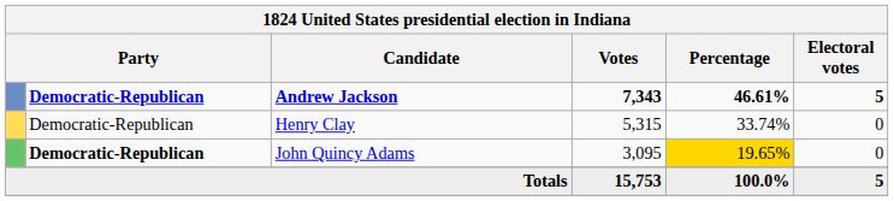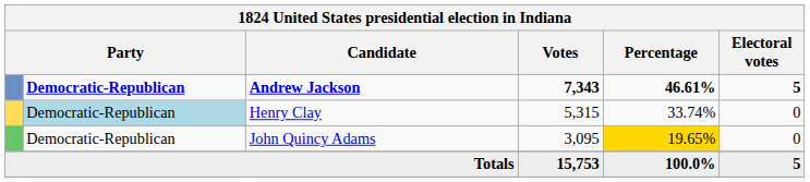 <table class="wikitable" style="font-size: 95%;">
 <tr>
 <th colspan="6">1824 United States presidential election in Indiana</th>
 </tr>
 <tr>
 <th colspan="2" style="width: 15em">Party</th>
 <th style="width: 17em">Candidate</th>
 <th style="width: 5em">Votes</th>
 <th style="width: 7em">Percentage</th>
 <th style="width: 5em">Electoral votes</th>
 </tr>
 <tr>
 <th style="background-color:#698DC5; width: 4px"></th>
 <td style="width: 130px"><strong><a href='#'>Democratic-Republican</a></strong></td>
 <td><strong><a href='#'>Andrew Jackson</a></strong></td>
 <td align="right"><strong>7,343</strong></td>
 <td align="right"><strong>46.61%</strong></td>
 <td align="right"><strong>5</strong></td>
 </tr>
 <tr>
 <th style="background-color:#FFDD55; width: 4px"></th>
-<td style="width: 130px">Democratic-Republican</td>
+<td style="background: lightblue; width: 130px">Democratic-Republican</td>
 <td><a href='#'>Henry Clay</a></td>
 <td align="right">5,315</td>
 <td align="right">33.74%</td>
 <td align="right">0</td>
 </tr>
 <tr>
 <th style="background-color:#68C468; width: 4px"></th>
-<td style="width: 130px"><strong>Democratic-Republican</strong></td>
+<td style="width: 130px">Democratic-Republican</td>
 <td><a href='#'>John Quincy Adams</a></td>
 <td align="right">3,095</td>
 <td align="right" style="background: gold;">19.65%</td>
 <td align="right">0</td>
 </tr>
 <tr>
 </tr>
 <tr bgcolor="#EEEEEE">
 <td colspan="3" align="right"><strong>Totals</strong></td>
 <td align="right"><strong>15,753</strong></td>
 <td align="right"><strong>100.0%</strong></td>
 <td align="right"><strong>5</strong></td>
 </tr>
 <tr>
 </tr>
 </table>
